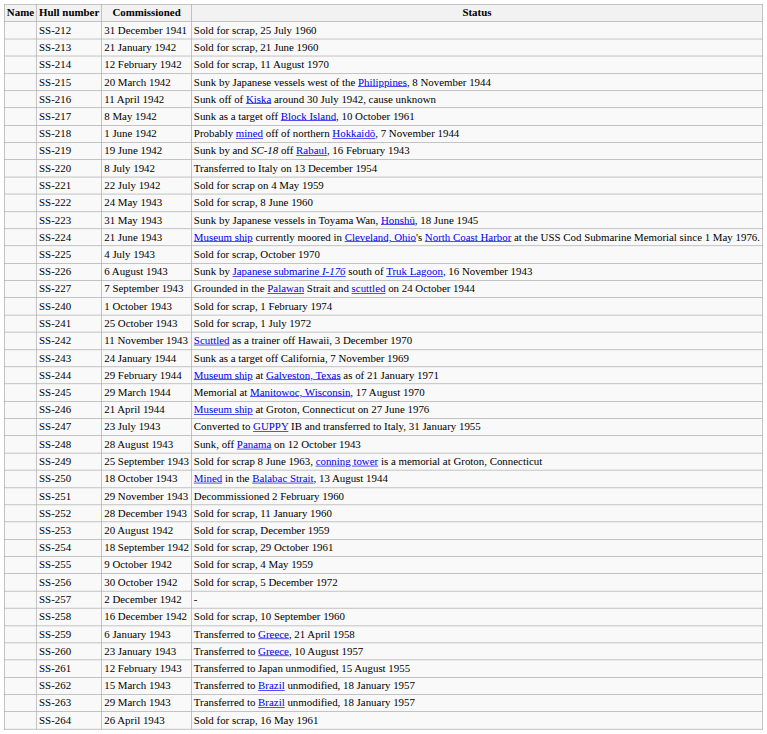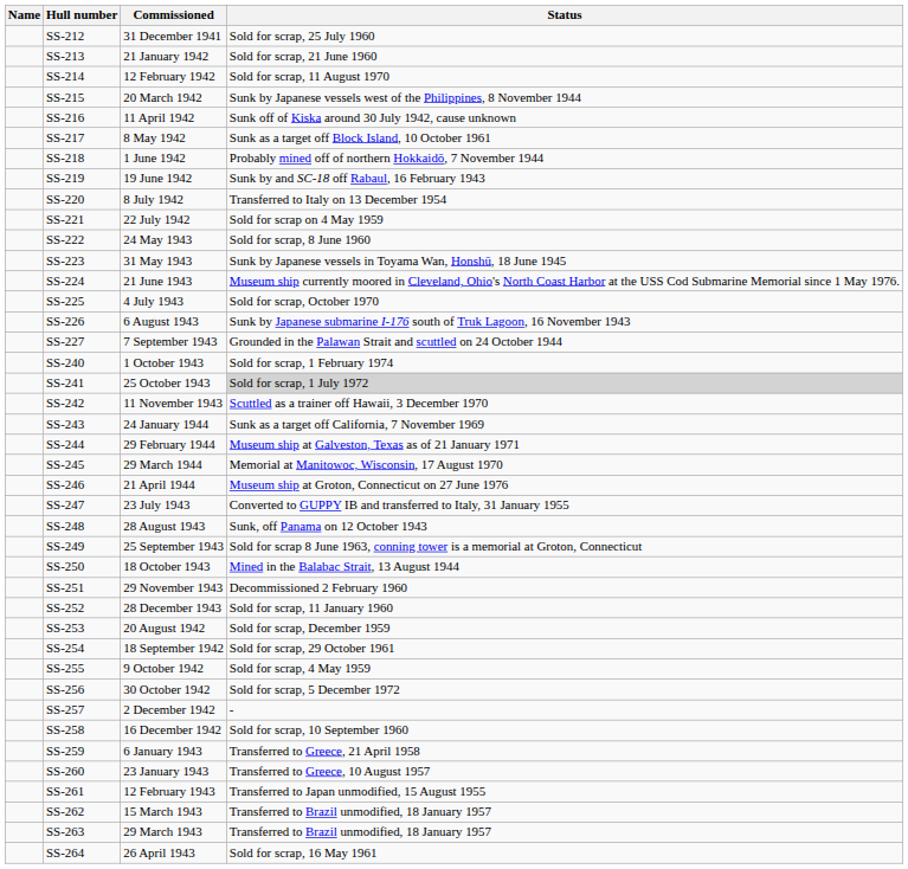 <table class="wikitable">
 <tr>
 <th>Name</th>
 <th>Hull number</th>
 <th>Commissioned</th>
 <th>Status</th>
 </tr>
 <tr>
 <td></td>
 <td>SS-212</td>
 <td>31 December 1941</td>
 <td>Sold for scrap, 25 July 1960</td>
 </tr>
 <tr>
 <td></td>
 <td>SS-213</td>
 <td>21 January 1942</td>
 <td>Sold for scrap, 21 June 1960</td>
 </tr>
 <tr>
 <td></td>
 <td>SS-214</td>
 <td>12 February 1942</td>
 <td>Sold for scrap, 11 August 1970</td>
 </tr>
 <tr>
 <td></td>
 <td>SS-215</td>
 <td>20 March 1942</td>
 <td>Sunk by Japanese vessels west of the <a href='#'>Philippines</a>, 8 November 1944</td>
 </tr>
 <tr>
 <td></td>
 <td>SS-216</td>
 <td>11 April 1942</td>
 <td>Sunk off of <a href='#'>Kiska</a> around 30 July 1942, cause unknown</td>
 </tr>
 <tr>
 <td></td>
 <td>SS-217</td>
 <td>8 May 1942</td>
 <td>Sunk as a target off <a href='#'>Block Island</a>, 10 October 1961</td>
 </tr>
 <tr>
 <td></td>
 <td>SS-218</td>
 <td>1 June 1942</td>
 <td>Probably <a href='#'>mined</a> off of northern <a href='#'>Hokkaidō</a>, 7 November 1944</td>
 </tr>
 <tr>
 <td></td>
 <td>SS-219</td>
 <td>19 June 1942</td>
 <td>Sunk by  and <em>SC-18</em> off <a href='#'>Rabaul</a>, 16 February 1943</td>
 </tr>
 <tr>
 <td></td>
 <td>SS-220</td>
 <td>8 July 1942</td>
 <td>Transferred to Italy on 13 December 1954</td>
 </tr>
 <tr>
 <td></td>
 <td>SS-221</td>
 <td>22 July 1942</td>
 <td>Sold for scrap on 4 May 1959</td>
 </tr>
 <tr>
 <td></td>
 <td>SS-222</td>
 <td>24 May 1943</td>
 <td>Sold for scrap, 8 June 1960</td>
 </tr>
 <tr>
 <td></td>
 <td>SS-223</td>
 <td>31 May 1943</td>
 <td>Sunk by Japanese vessels in Toyama Wan, <a href='#'>Honshū</a>, 18 June 1945</td>
 </tr>
 <tr>
 <td></td>
 <td>SS-224</td>
 <td>21 June 1943</td>
 <td><a href='#'>Museum ship</a> currently moored in <a href='#'>Cleveland, Ohio</a>'s <a href='#'>North Coast Harbor</a> at the USS Cod Submarine Memorial since 1 May 1976.</td>
 </tr>
 <tr>
 <td></td>
 <td>SS-225</td>
 <td>4 July 1943</td>
 <td>Sold for scrap, October 1970</td>
 </tr>
 <tr>
 <td></td>
 <td>SS-226</td>
 <td>6 August 1943</td>
 <td>Sunk by <a href='#'>Japanese submarine <em>I-176</em></a> south of <a href='#'>Truk Lagoon</a>, 16 November 1943</td>
 </tr>
 <tr>
 <td></td>
 <td>SS-227</td>
 <td>7 September 1943</td>
 <td>Grounded in the <a href='#'>Palawan</a> Strait and <a href='#'>scuttled</a> on 24 October 1944</td>
 </tr>
 <tr>
 <td></td>
 <td>SS-240</td>
 <td>1 October 1943</td>
 <td>Sold for scrap, 1 February 1974</td>
 </tr>
 <tr>
 <td></td>
 <td>SS-241</td>
 <td>25 October 1943</td>
-<td>Sold for scrap, 1 July 1972</td>
+<td style="background: lightgrey;">Sold for scrap, 1 July 1972</td>
 </tr>
 <tr>
 <td></td>
 <td>SS-242</td>
 <td>11 November 1943</td>
 <td><a href='#'>Scuttled</a> as a trainer off Hawaii, 3 December 1970</td>
 </tr>
 <tr>
 <td></td>
 <td>SS-243</td>
 <td>24 January 1944</td>
 <td>Sunk as a target off California, 7 November 1969</td>
 </tr>
 <tr>
 <td></td>
 <td>SS-244</td>
 <td>29 February 1944</td>
 <td><a href='#'>Museum ship</a> at <a href='#'>Galveston, Texas</a> as of 21 January 1971</td>
 </tr>
 <tr>
 <td></td>
 <td>SS-245</td>
 <td>29 March 1944</td>
 <td>Memorial at <a href='#'>Manitowoc, Wisconsin</a>, 17 August 1970</td>
 </tr>
 <tr>
 <td></td>
 <td>SS-246</td>
 <td>21 April 1944</td>
 <td><a href='#'>Museum ship</a> at Groton, Connecticut on 27 June 1976</td>
 </tr>
 <tr>
 <td></td>
 <td>SS-247</td>
 <td>23 July 1943</td>
 <td>Converted to <a href='#'>GUPPY</a> IB and transferred to Italy, 31 January 1955</td>
 </tr>
 <tr>
 <td></td>
 <td>SS-248</td>
 <td>28 August 1943</td>
 <td>Sunk, off <a href='#'>Panama</a> on 12 October 1943</td>
 </tr>
 <tr>
 <td></td>
 <td>SS-249</td>
 <td>25 September 1943</td>
 <td>Sold for scrap 8 June 1963, <a href='#'>conning tower</a> is a memorial at Groton, Connecticut</td>
 </tr>
 <tr>
 <td></td>
 <td>SS-250</td>
 <td>18 October 1943</td>
 <td><a href='#'>Mined</a> in the <a href='#'>Balabac Strait</a>, 13 August 1944</td>
 </tr>
 <tr>
 <td></td>
 <td>SS-251</td>
 <td>29 November 1943</td>
 <td>Decommissioned 2 February 1960</td>
 </tr>
 <tr>
 <td></td>
 <td>SS-252</td>
 <td>28 December 1943</td>
 <td>Sold for scrap, 11 January 1960</td>
 </tr>
 <tr>
 <td></td>
 <td>SS-253</td>
 <td>20 August 1942</td>
 <td>Sold for scrap, December 1959</td>
 </tr>
 <tr>
 <td></td>
 <td>SS-254</td>
 <td>18 September 1942</td>
 <td>Sold for scrap, 29 October 1961</td>
 </tr>
 <tr>
 <td></td>
 <td>SS-255</td>
 <td>9 October 1942</td>
 <td>Sold for scrap, 4 May 1959</td>
 </tr>
 <tr>
 <td></td>
 <td>SS-256</td>
 <td>30 October 1942</td>
 <td>Sold for scrap, 5 December 1972</td>
 </tr>
 <tr>
 <td></td>
 <td>SS-257</td>
 <td>2 December 1942</td>
 <td Sunk by enemy vessels off >-</td>
 </tr>
 <tr>
 <td></td>
 <td>SS-258</td>
 <td>16 December 1942</td>
 <td>Sold for scrap, 10 September 1960</td>
 </tr>
 <tr>
 <td></td>
 <td>SS-259</td>
 <td>6 January 1943</td>
 <td>Transferred to <a href='#'>Greece</a>, 21 April 1958</td>
 </tr>
 <tr>
 <td></td>
 <td>SS-260</td>
 <td>23 January 1943</td>
 <td>Transferred to <a href='#'>Greece</a>, 10 August 1957</td>
 </tr>
 <tr>
 <td></td>
 <td>SS-261</td>
 <td>12 February 1943</td>
 <td>Transferred to Japan unmodified, 15 August 1955</td>
 </tr>
 <tr>
 <td></td>
 <td>SS-262</td>
 <td>15 March 1943</td>
 <td>Transferred to <a href='#'>Brazil</a> unmodified, 18 January 1957</td>
 </tr>
 <tr>
 <td></td>
 <td>SS-263</td>
 <td>29 March 1943</td>
 <td>Transferred to <a href='#'>Brazil</a> unmodified, 18 January 1957</td>
 </tr>
 <tr>
 <td></td>
 <td>SS-264</td>
 <td>26 April 1943</td>
 <td>Sold for scrap, 16 May 1961</td>
 </tr>
 </table>
